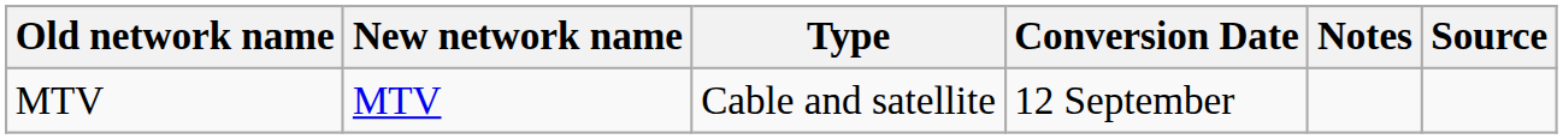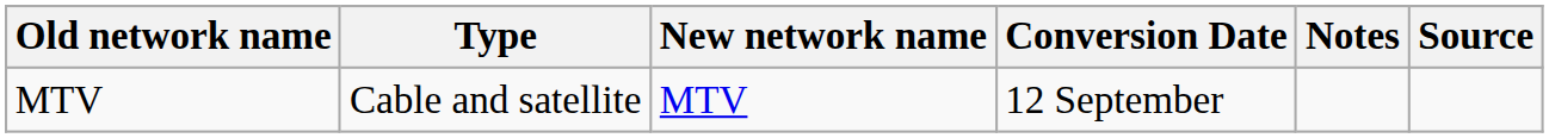 <table class="wikitable">
 <tr>
 <th>Old network name</th>
+<th>Type</th>
 <th>New network name</th>
-<th>Type</th>
 <th>Conversion Date</th>
 <th>Notes</th>
 <th>Source</th>
 </tr>
 <tr>
 <td>MTV</td>
+<td>Cable and satellite</td>
 <td><a href='#'>MTV</a></td>
-<td>Cable and satellite</td>
 <td>12 September</td>
 <td></td>
 <td></td>
 </tr>
 </table>
